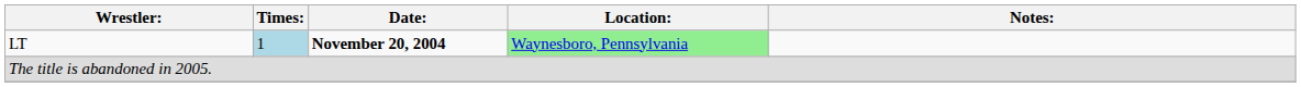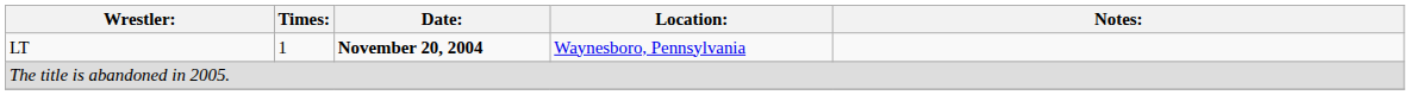 <table class="wikitable" width=100%>
 <tr>
 <th width=20%>Wrestler:</th>
 <th width=0%>Times:</th>
 <th width=16%>Date:</th>
 <th width=21%>Location:</th>
 <th width=43%>Notes:</th>
 </tr>
 <tr>
 <td>LT</td>
-<td style="background: lightblue;">1</td>
+<td>1</td>
 <td><strong>November 20, 2004</strong></td>
-<td style="background: lightgreen;"><a href='#'>Waynesboro, Pennsylvania</a></td>
+<td><a href='#'>Waynesboro, Pennsylvania</a></td>
 <td></td>
 </tr>
 <tr>
 <td style="background: #dddddd;" colspan=5><em>The title is abandoned in 2005.</em></td>
 </tr>
 <tr>
 </tr>
 </table>
